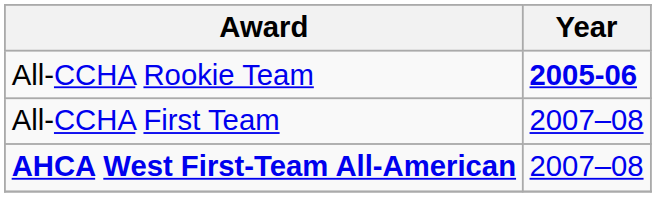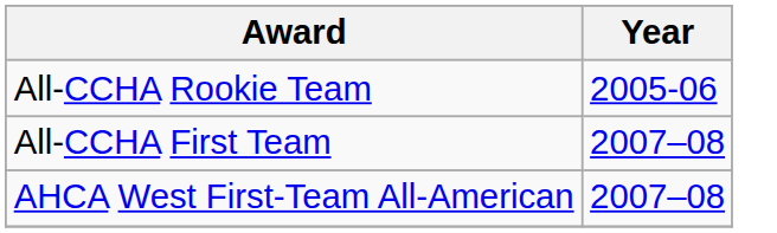 <table class="wikitable">
 <tr>
 <th>Award</th>
 <th>Year</th>
 </tr>
 <tr>
 <td>All-<a href='#'>CCHA</a> <a href='#'>Rookie Team</a></td>
-<td><strong><a href='#'>2005-06</a></strong></td>
+<td><a href='#'>2005-06</a></td>
 </tr>
 <tr>
 <td>All-<a href='#'>CCHA</a> <a href='#'>First Team</a></td>
 <td><a href='#'>2007–08</a></td>
 </tr>
 <tr>
-<td><strong><a href='#'>AHCA</a> <a href='#'>West First-Team All-American</a></strong></td>
+<td><a href='#'>AHCA</a> <a href='#'>West First-Team All-American</a></td>
 <td><a href='#'>2007–08</a></td>
 </tr>
 <tr>
 </tr>
 </table>
